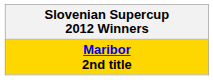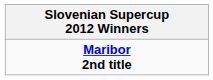 <table class="wikitable" style="text-align: center; margin: 0 auto; width: 20%">
 <tr>
 <th>Slovenian Supercup <br>2012 Winners</th>
 </tr>
 <tr>
-<td style="background: gold;"><strong><a href='#'>Maribor</a></strong><br><strong>2nd title</strong></td>
+<td><strong><a href='#'>Maribor</a></strong><br><strong>2nd title</strong></td>
 </tr>
 </table>
